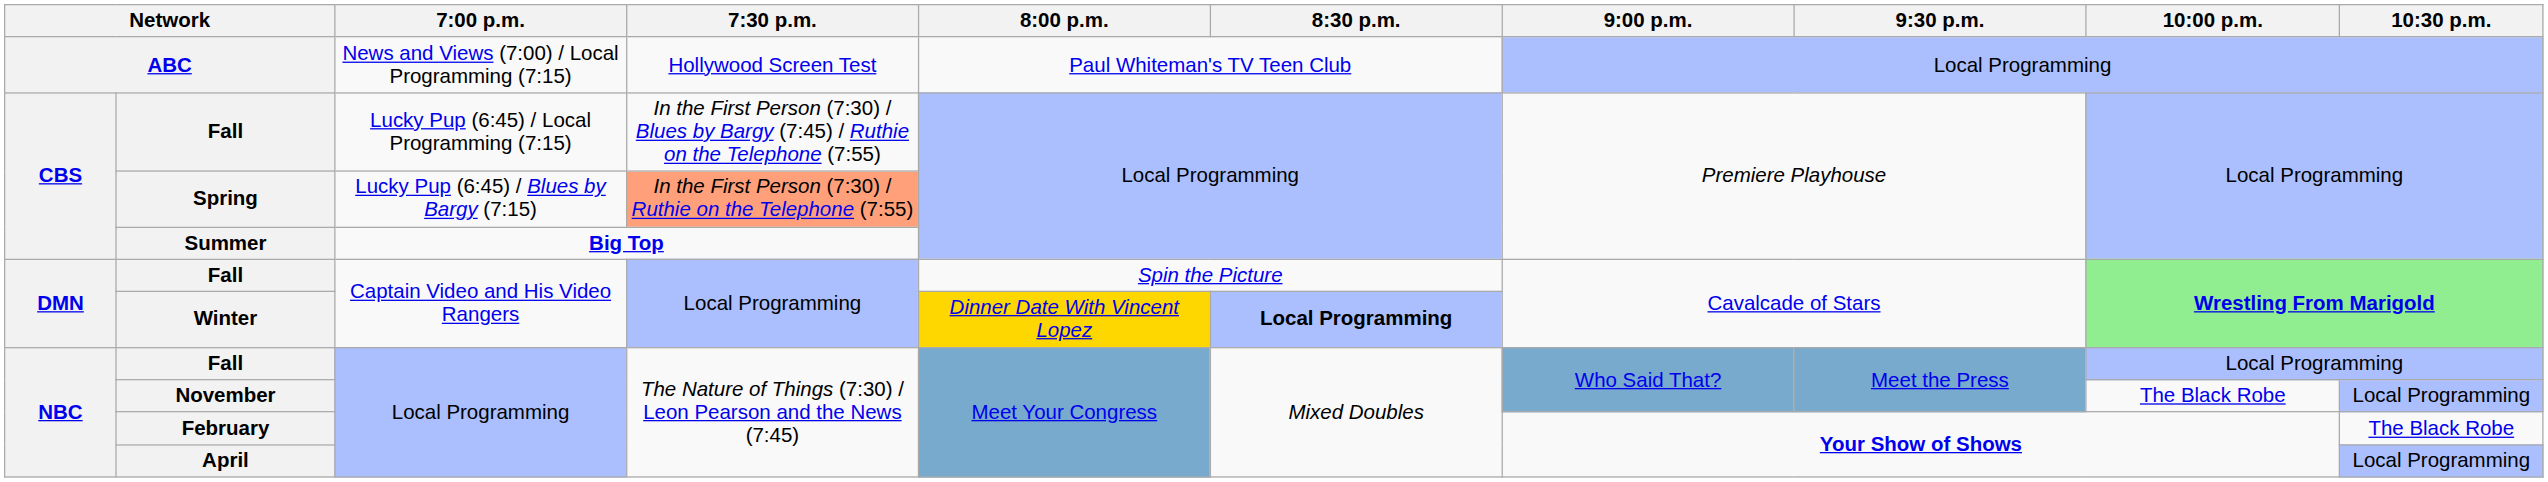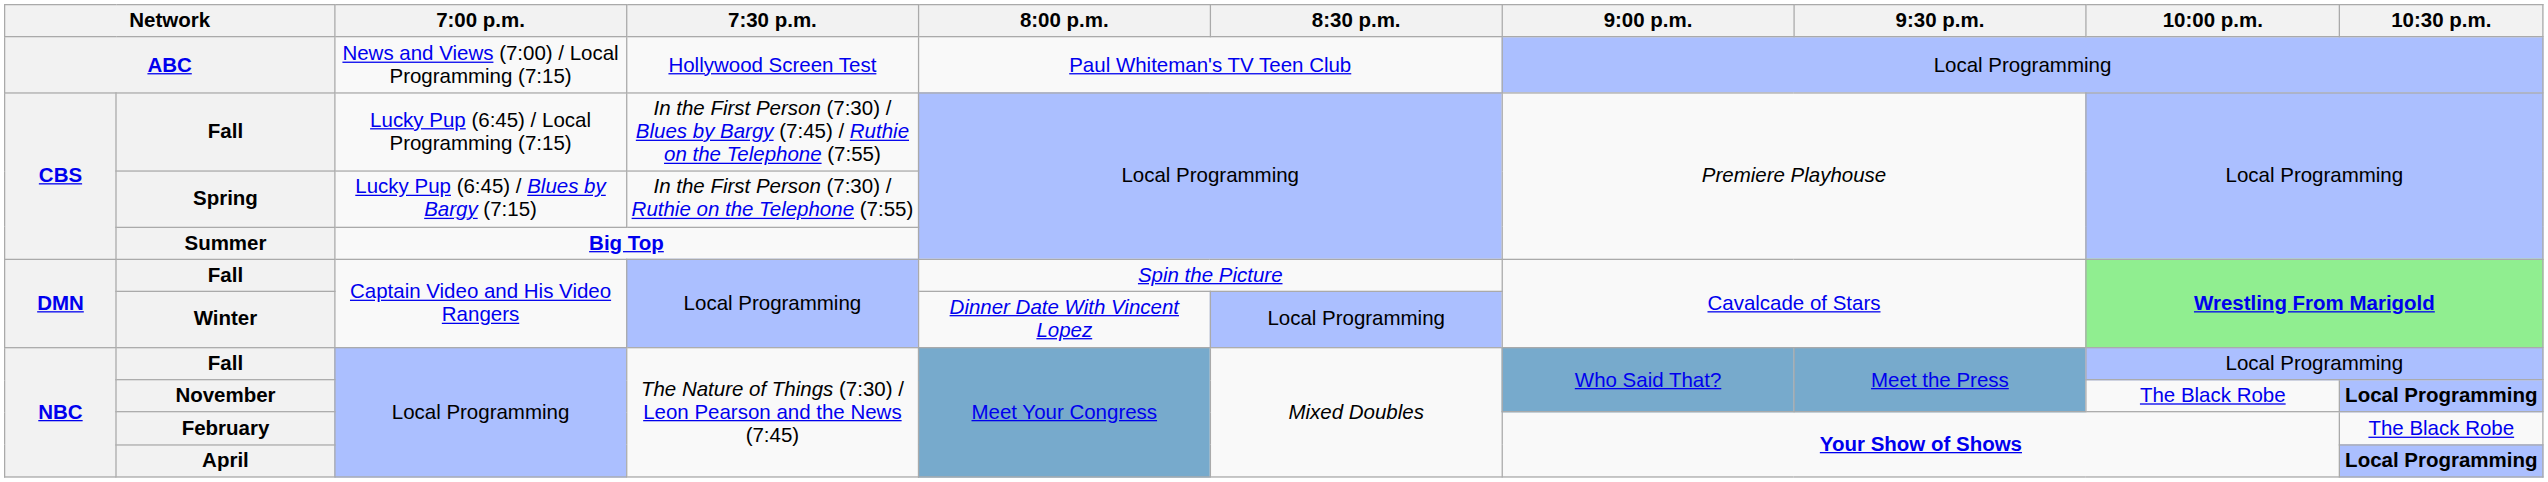 <table class="wikitable" style="width:100%;margin-right:0;text-align:center">
 <tr>
 <th colspan="2" style="width:13%;">Network</th>
 <th style="width:11.5%;">7:00 p.m.</th>
 <th style="width:11.5%;">7:30 p.m.</th>
 <th style="width:11.5%;">8:00 p.m.</th>
 <th style="width:11.5%;">8:30 p.m.</th>
 <th style="width:11.5%;">9:00 p.m.</th>
 <th style="width:11.5%;">9:30 p.m.</th>
 <th style="width:10%;">10:00 p.m.</th>
 <th style="width:10%;">10:30 p.m.</th>
 </tr>
 <tr>
 <th colspan="2"><a href='#'>ABC</a></th>
 <td><a href='#'>News and Views</a> (7:00) / Local Programming (7:15)</td>
 <td><a href='#'>Hollywood Screen Test</a></td>
 <td colspan="2"><a href='#'>Paul Whiteman's TV Teen Club</a></td>
 <td colspan="4" bgcolor="#abbfff">Local Programming</td>
 </tr>
 <tr>
 <th rowspan="3"><a href='#'>CBS</a></th>
 <th>Fall</th>
 <td><a href='#'>Lucky Pup</a> (6:45) / Local Programming (7:15)</td>
 <td><em>In the First Person</em> (7:30) / <em><a href='#'>Blues by Bargy</a></em> (7:45) / <em><a href='#'>Ruthie on the Telephone</a></em> (7:55)</td>
 <td colspan="2" rowspan="3" bgcolor="#abbfff">Local Programming</td>
 <td colspan="2"  rowspan="3"><em>Premiere Playhouse</em></td>
 <td colspan="2" bgcolor="#abbfff"  rowspan="3">Local Programming</td>
 </tr>
 <tr>
 <th>Spring</th>
 <td><a href='#'>Lucky Pup</a> (6:45) / <em><a href='#'>Blues by Bargy</a></em> (7:15)</td>
-<td style="background: lightsalmon;"><em>In the First Person</em> (7:30) / <em><a href='#'>Ruthie on the Telephone</a></em> (7:55)</td>
+<td><em>In the First Person</em> (7:30) / <em><a href='#'>Ruthie on the Telephone</a></em> (7:55)</td>
 </tr>
 <tr>
 <th>Summer</th>
 <td colspan="2"><strong><a href='#'>Big Top</a></strong></td>
 </tr>
 <tr>
 <th rowspan="2"><a href='#'>DMN</a></th>
 <th>Fall</th>
 <td rowspan="2"><a href='#'>Captain Video and His Video Rangers</a></td>
 <td rowspan="2" bgcolor="#abbfff">Local Programming</td>
 <td colspan="2"><em><a href='#'>Spin the Picture</a></em></td>
 <td colspan="2" rowspan="2"><a href='#'>Cavalcade of Stars</a></td>
 <td colspan="2" rowspan="2" bgcolor="lightgreen"><strong><a href='#'>Wrestling From Marigold</a></strong></td>
 </tr>
 <tr>
 <th>Winter</th>
-<td style="background: gold;"><em><a href='#'>Dinner Date With Vincent Lopez</a></em></td>
-<td bgcolor="#abbfff"><strong>Local Programming</strong></td>
+<td><em><a href='#'>Dinner Date With Vincent Lopez</a></em></td>
+<td bgcolor="#abbfff">Local Programming</td>
 </tr>
 <tr>
 <th rowspan="4"><a href='#'>NBC</a></th>
 <th>Fall</th>
 <td bgcolor="#abbfff" rowspan="4">Local Programming</td>
 <td rowspan="4"><em>The Nature of Things</em> (7:30) / <a href='#'>Leon Pearson and the News</a> (7:45)</td>
 <td rowspan="4" bgcolor="#77AACC"><a href='#'>Meet Your Congress</a></td>
 <td rowspan="4"><em>Mixed Doubles</em></td>
 <td rowspan="2" bgcolor="#77AACC"><a href='#'>Who Said That?</a></td>
 <td rowspan="2" bgcolor="#77AACC"><a href='#'>Meet the Press</a></td>
 <td colspan="2" bgcolor="#abbfff">Local Programming</td>
 </tr>
 <tr>
 <th>November</th>
 <td><a href='#'>The Black Robe</a></td>
-<td rowspan="1" bgcolor="#abbfff">Local Programming</td>
+<td rowspan="1" bgcolor="#abbfff"><strong>Local Programming</strong></td>
 </tr>
 <tr>
 <th>February</th>
 <td colspan="3"  rowspan="2"><strong><a href='#'>Your Show of Shows</a></strong></td>
 <td><a href='#'>The Black Robe</a></td>
 </tr>
 <tr>
 <th>April</th>
-<td rowspan="1" bgcolor="#abbfff">Local Programming</td>
+<td rowspan="1" bgcolor="#abbfff"><strong>Local Programming</strong></td>
 </tr>
 </table>
